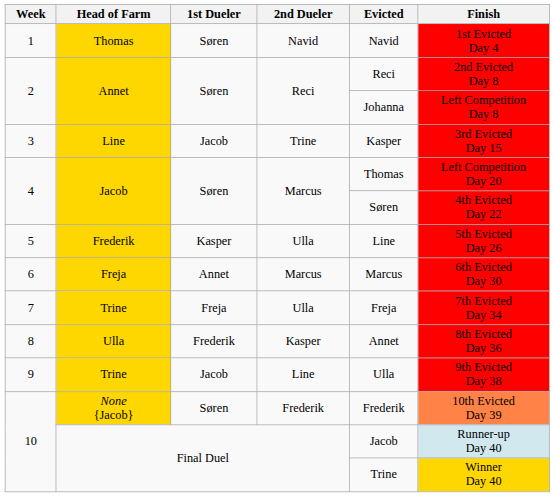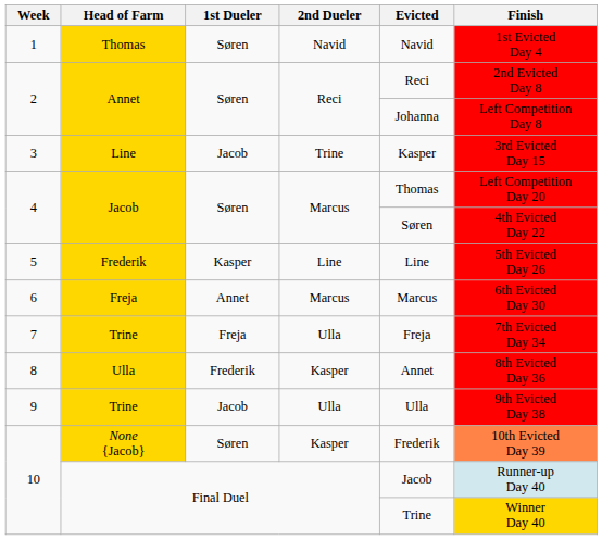 <table class="wikitable" style="font-size:100%; text-align:center; width: 80%; margin-left: auto; margin-right: auto;">
 <tr>
 <th>Week</th>
 <th>Head of Farm</th>
 <th>1st Dueler</th>
 <th>2nd Dueler</th>
 <th>Evicted</th>
 <th>Finish</th>
 </tr>
 <tr>
 <td>1</td>
 <td style="background:gold;">Thomas</td>
 <td>Søren</td>
 <td>Navid</td>
 <td>Navid</td>
 <td style="background:#ff0000">1st Evicted<br>Day 4</td>
 </tr>
 <tr>
 <td rowspan="2">2</td>
 <td rowspan="2" style="background:gold;">Annet</td>
 <td rowspan="2">Søren</td>
 <td rowspan="2">Reci</td>
 <td rowspan="1">Reci</td>
 <td rowspan="1" style="background:#ff0000">2nd Evicted<br>Day 8</td>
 </tr>
 <tr>
 <td rowspan="1">Johanna</td>
 <td rowspan="1" style="background:#ff0000">Left Competition<br>Day 8</td>
 </tr>
 <tr>
 <td>3</td>
 <td style="background:gold;">Line</td>
 <td>Jacob</td>
 <td>Trine</td>
 <td>Kasper</td>
 <td style="background:#ff0000">3rd Evicted<br>Day 15</td>
 </tr>
 <tr>
 <td rowspan="2">4</td>
 <td rowspan="2" style="background:gold;">Jacob</td>
 <td rowspan="2">Søren</td>
 <td rowspan="2">Marcus</td>
 <td rowspan="1">Thomas</td>
 <td rowspan="1" style="background:#ff0000">Left Competition<br>Day 20</td>
 </tr>
 <tr>
 <td rowspan="1">Søren</td>
 <td rowspan="1" style="background:#ff0000">4th Evicted<br>Day 22</td>
 </tr>
 <tr>
 <td>5</td>
 <td style="background:gold;">Frederik</td>
 <td>Kasper</td>
-<td>Ulla</td>
+<td>Line</td>
 <td>Line</td>
 <td style="background:#ff0000">5th Evicted<br>Day 26</td>
 </tr>
 <tr>
 <td>6</td>
 <td style="background:gold;">Freja</td>
 <td>Annet</td>
 <td>Marcus</td>
 <td>Marcus</td>
 <td style="background:#ff0000">6th Evicted<br>Day 30</td>
 </tr>
 <tr>
 <td>7</td>
 <td style="background:gold;">Trine</td>
 <td>Freja</td>
 <td>Ulla</td>
 <td>Freja</td>
 <td style="background:#ff0000">7th Evicted<br>Day 34</td>
 </tr>
 <tr>
 <td>8</td>
 <td style="background:gold;">Ulla</td>
 <td>Frederik</td>
 <td>Kasper</td>
 <td>Annet</td>
 <td style="background:#ff0000">8th Evicted<br>Day 36</td>
 </tr>
 <tr>
 <td>9</td>
 <td style="background:gold;">Trine</td>
 <td>Jacob</td>
-<td>Line</td>
+<td>Ulla</td>
 <td>Ulla</td>
 <td style="background:#ff0000">9th Evicted<br>Day 38</td>
 </tr>
 <tr>
 <td rowspan="3">10</td>
 <td rowspan="1" style="background:gold;"><em>None</em><br>{Jacob}</td>
 <td>Søren</td>
-<td rowspan="1">Frederik</td>
+<td>Kasper</td>
 <td>Frederik</td>
 <td style="background:#FF8247;">10th Evicted<br>Day 39</td>
 </tr>
 <tr>
 <td colspan="3" rowspan="4">Final Duel</td>
 <td>Jacob</td>
 <td style="background:#D1E8EF;">Runner-up<br>Day 40</td>
 </tr>
 <tr>
 <td>Trine</td>
 <td style="background:gold;">Winner<br>Day 40</td>
 </tr>
 </table>
